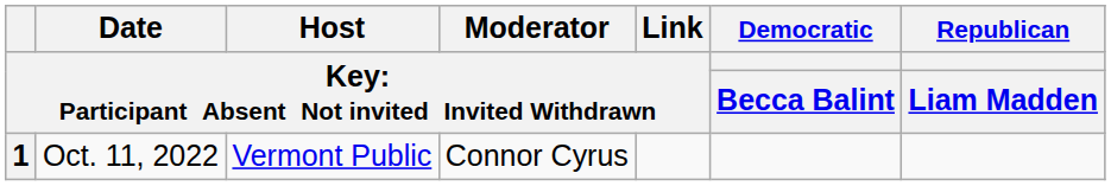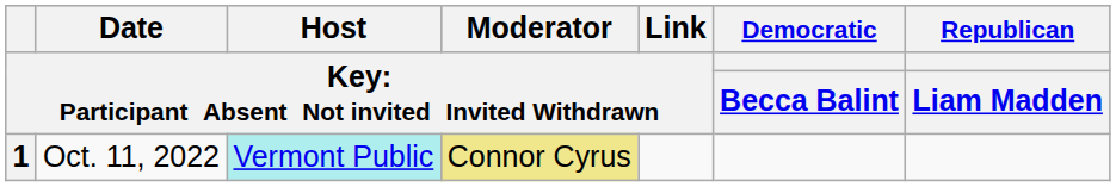 <table class="wikitable" style="text-align:center;">
 <tr>
 <th scope="col"></th>
 <th scope="col">Date</th>
 <th scope="col">Host</th>
 <th scope="col">Moderator</th>
 <th scope="col">Link</th>
 <th scope="col"><small><a href='#'>Democratic</a></small></th>
 <th scope="col"><small><a href='#'>Republican</a></small></th>
 </tr>
 <tr>
 <th colspan="5" rowspan="2">Key:<br> <small>Participant </small>  <small>Absent </small>  <small>Not invited </small>  <small>Invited  Withdrawn</small></th>
 <th scope="col" style="background:"></th>
 <th scope="col" style="background:"></th>
 </tr>
 <tr>
 <th scope="col"><a href='#'>Becca Balint</a></th>
 <th scope="col"><a href='#'>Liam Madden</a></th>
 </tr>
 <tr>
 <th>1</th>
 <td style="white-space:nowrap;">Oct. 11, 2022</td>
-<td style="white-space:nowrap;"><a href='#'>Vermont Public</a></td>
-<td style="white-space:nowrap;">Connor Cyrus</td>
+<td style="background: paleturquoise; white-space:nowrap;"><a href='#'>Vermont Public</a></td>
+<td style="background: khaki; white-space:nowrap;">Connor Cyrus</td>
 <td style="white-space:nowrap;"></td>
 <td></td>
 <td></td>
 </tr>
 </table>
